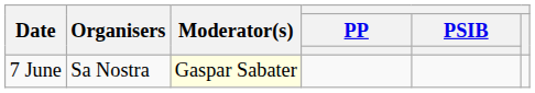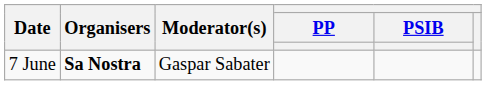 <table class="wikitable" style="text-align:center;">
 <tr>
 <th rowspan="3">Date</th>
 <th rowspan="3">Organisers</th>
 <th rowspan="3">Moderator(s)</th>
 <th colspan="3">  </th>
 </tr>
 <tr>
 <th scope="col" style="width:5em;"><a href='#'>PP</a></th>
 <th scope="col" style="width:5em;"><a href='#'>PSIB</a></th>
 <th rowspan="2"></th>
 </tr>
 <tr>
 <th style="color:inherit;background:"></th>
 <th style="color:inherit;background:"></th>
 </tr>
 <tr>
 <td style="white-space:nowrap; text-align:left;">7 June</td>
-<td style="white-space:nowrap; text-align:left;">Sa Nostra</td>
-<td style="background: lightyellow; white-space:nowrap; text-align:left;">Gaspar Sabater</td>
+<td style="white-space:nowrap; text-align:left;"><strong>Sa Nostra</strong></td>
+<td style="white-space:nowrap; text-align:left;">Gaspar Sabater</td>
 <td></td>
 <td></td>
 <td><br></td>
 </tr>
 </table>
